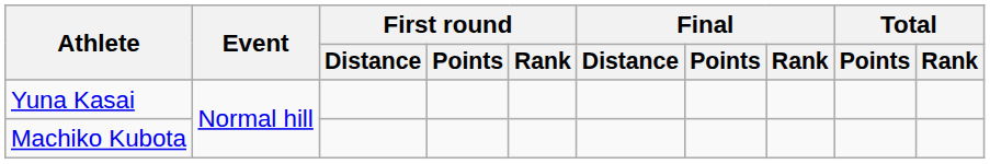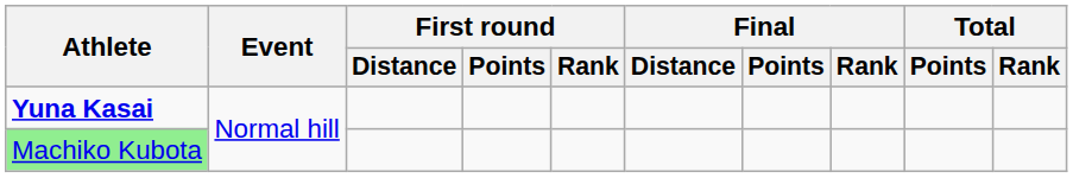 <table class="wikitable" style="font-size:90%">
 <tr>
 <th rowspan=2>Athlete</th>
 <th rowspan=2>Event</th>
 <th colspan=3>First round</th>
 <th colspan=3>Final</th>
 <th colspan=2>Total</th>
 </tr>
 <tr style="font-size:95%">
 <th>Distance</th>
 <th>Points</th>
 <th>Rank</th>
 <th>Distance</th>
 <th>Points</th>
 <th>Rank</th>
 <th>Points</th>
 <th>Rank</th>
 </tr>
 <tr align=center>
-<td align=left><a href='#'>Yuna Kasai</a></td>
+<td align=left><strong><a href='#'>Yuna Kasai</a></strong></td>
 <td align=left rowspan=2><a href='#'>Normal hill</a></td>
 <td></td>
 <td></td>
 <td></td>
 <td></td>
 <td></td>
 <td></td>
 <td></td>
 <td></td>
 </tr>
 <tr align=center>
-<td align=left><a href='#'>Machiko Kubota</a></td>
+<td align=left style="background: lightgreen;"><a href='#'>Machiko Kubota</a></td>
 <td></td>
 <td></td>
 <td></td>
 <td></td>
 <td></td>
 <td></td>
 <td></td>
 <td></td>
 </tr>
 </table>
